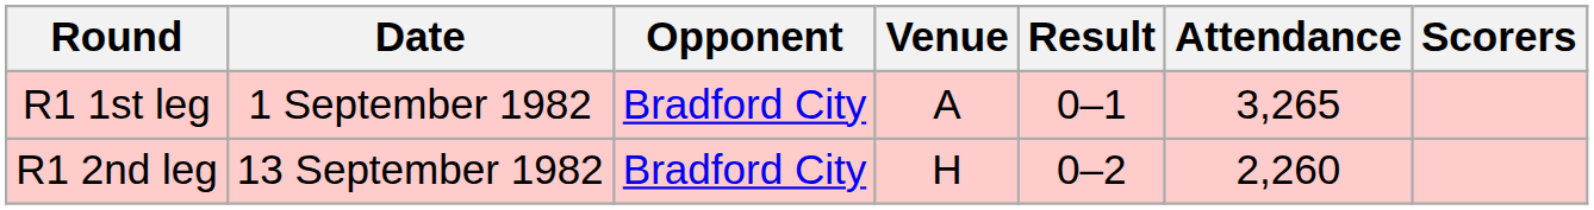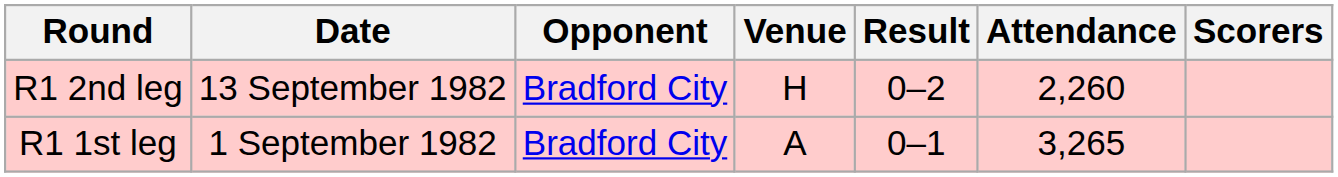 <table class="wikitable" style="font-size:100%; text-align:center">
 <tr>
 <th>Round</th>
 <th>Date</th>
 <th>Opponent</th>
 <th>Venue</th>
 <th>Result</th>
 <th>Attendance</th>
 <th>Scorers</th>
 </tr>
 <tr style="background-color: #FFCCCC;">
+<td>R1 2nd leg</td>
+<td>13 September 1982</td>
+<td><a href='#'>Bradford City</a></td>
+<td>H</td>
+<td>0–2</td>
+<td>2,260</td>
+<td></td>
+</tr>
+<tr style="background-color: #FFCCCC;">
 <td>R1 1st leg</td>
 <td>1 September 1982</td>
 <td><a href='#'>Bradford City</a></td>
 <td>A</td>
 <td>0–1</td>
 <td>3,265</td>
 <td></td>
 </tr>
-<tr style="background-color: #FFCCCC;">
-<td>R1 2nd leg</td>
-<td>13 September 1982</td>
-<td><a href='#'>Bradford City</a></td>
-<td>H</td>
-<td>0–2</td>
-<td>2,260</td>
-<td></td>
-</tr>
 </table>
